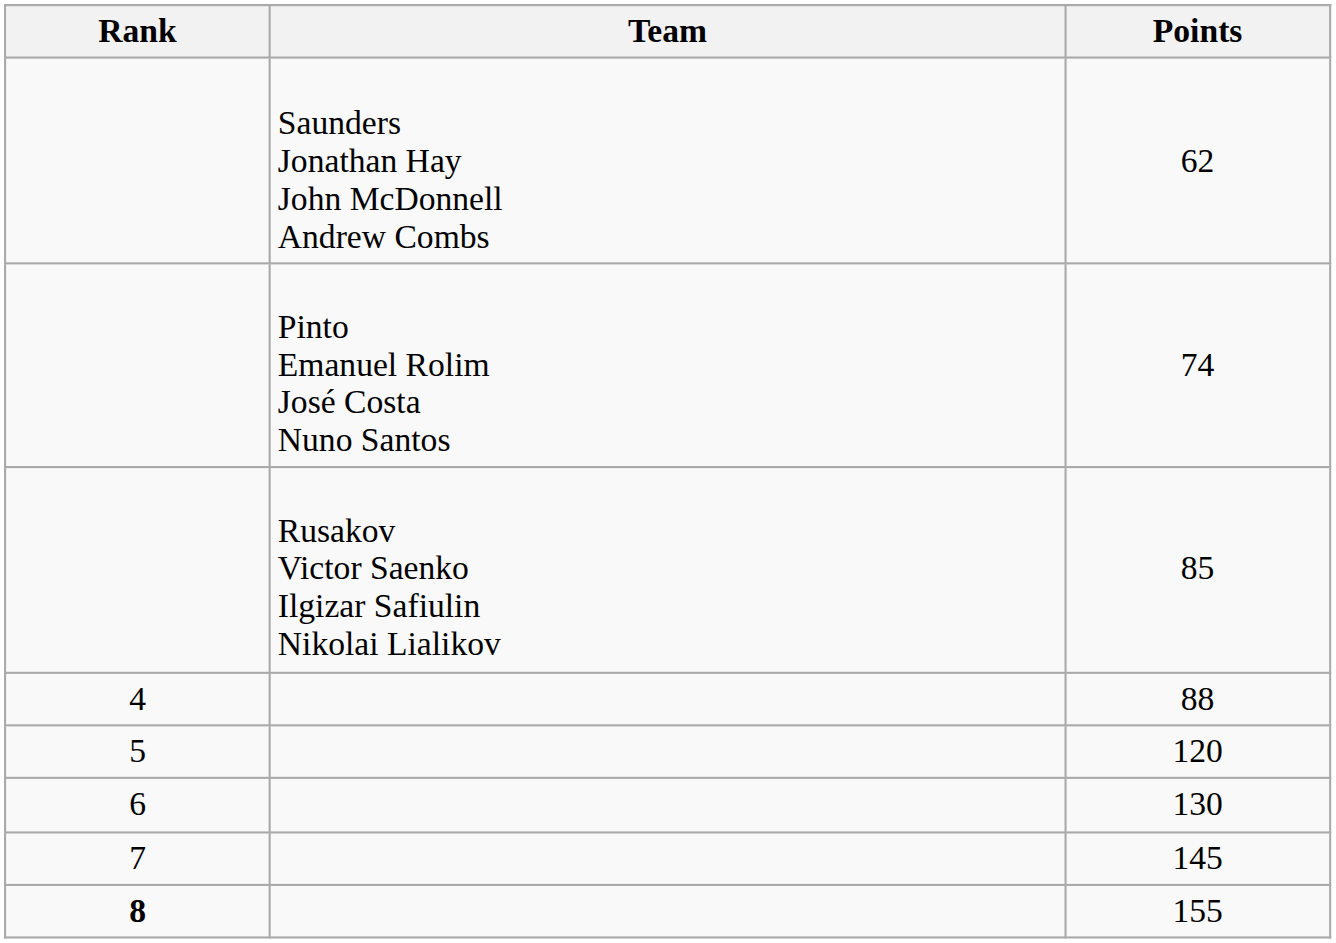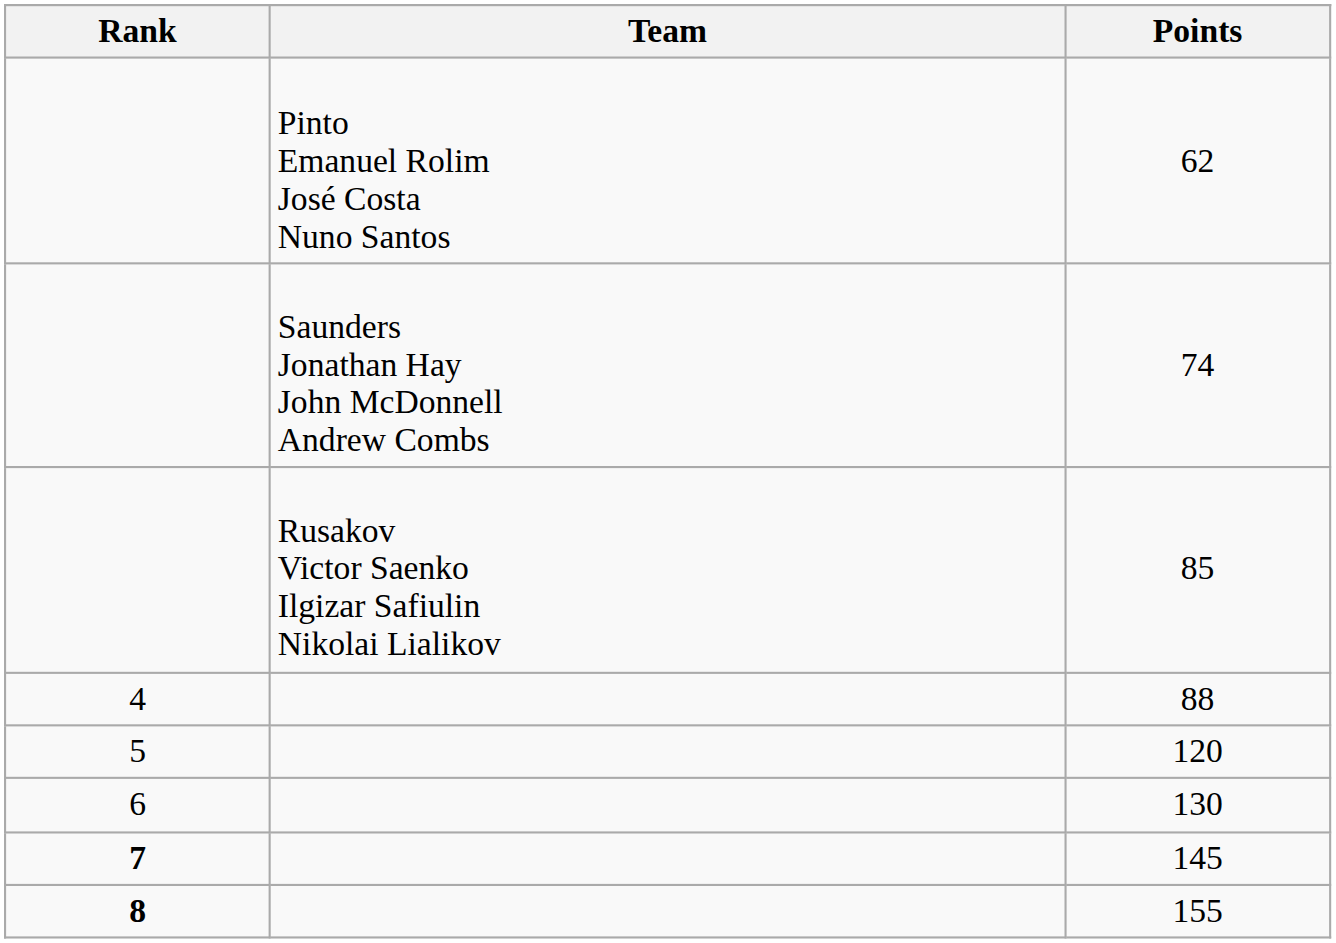 <table class="wikitable" width=50%>
 <tr>
 </tr>
 <tr>
 <th width=10%>Rank</th>
 <th width=30%>Team</th>
 <th width=10%>Points</th>
 </tr>
 <tr align="center">
 <td></td>
-<td align="left"><br>Saunders<br>Jonathan Hay<br>John McDonnell<br>Andrew Combs</td>
+<td align="left"><br>Pinto<br>Emanuel Rolim<br>José Costa<br>Nuno Santos</td>
 <td>62</td>
 </tr>
 <tr align="center">
 <td></td>
-<td align="left"><br>Pinto<br>Emanuel Rolim<br>José Costa<br>Nuno Santos</td>
+<td align="left"><br>Saunders<br>Jonathan Hay<br>John McDonnell<br>Andrew Combs</td>
 <td>74</td>
 </tr>
 <tr align="center">
 <td></td>
 <td align="left"><br>Rusakov<br>Victor Saenko<br>Ilgizar Safiulin<br>Nikolai Lialikov</td>
 <td>85</td>
 </tr>
 <tr align="center">
 <td>4</td>
 <td align="left"></td>
 <td>88</td>
 </tr>
 <tr align="center">
 <td>5</td>
 <td align="left"></td>
 <td>120</td>
 </tr>
 <tr align="center">
 <td>6</td>
 <td align="left"></td>
 <td>130</td>
 </tr>
 <tr align="center">
-<td>7</td>
+<td><strong>7</strong></td>
 <td align="left"></td>
 <td>145</td>
 </tr>
 <tr align="center">
 <td><strong>8</strong></td>
 <td align="left"></td>
 <td>155</td>
 </tr>
 </table>
